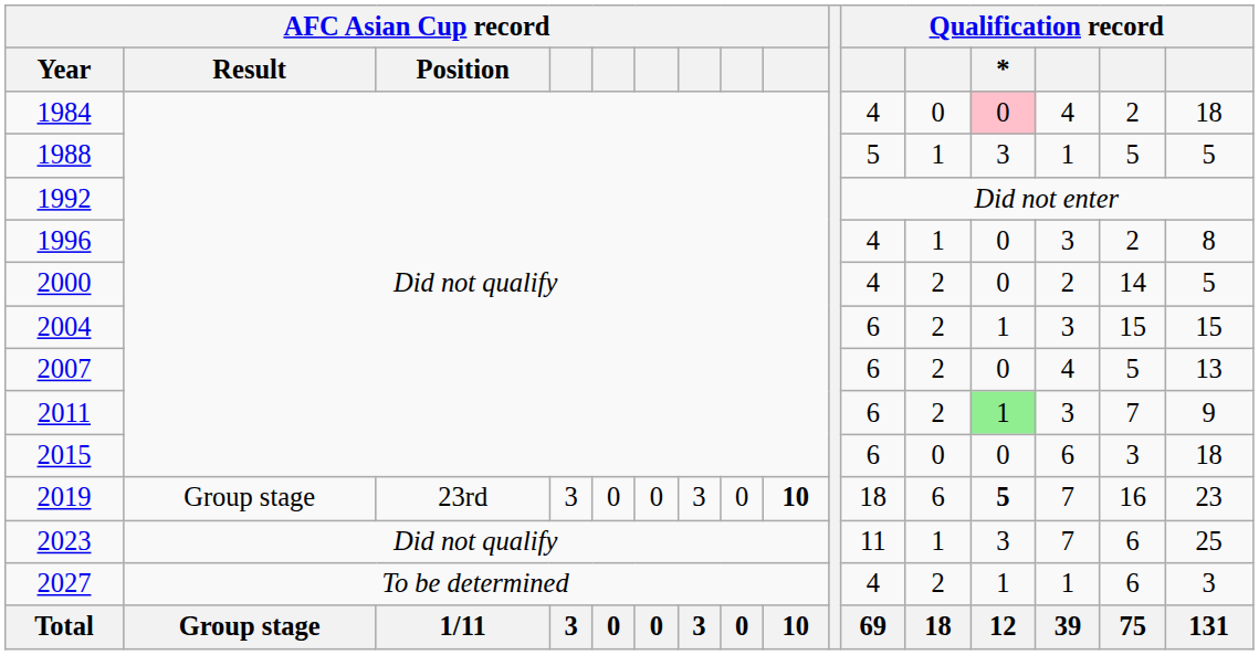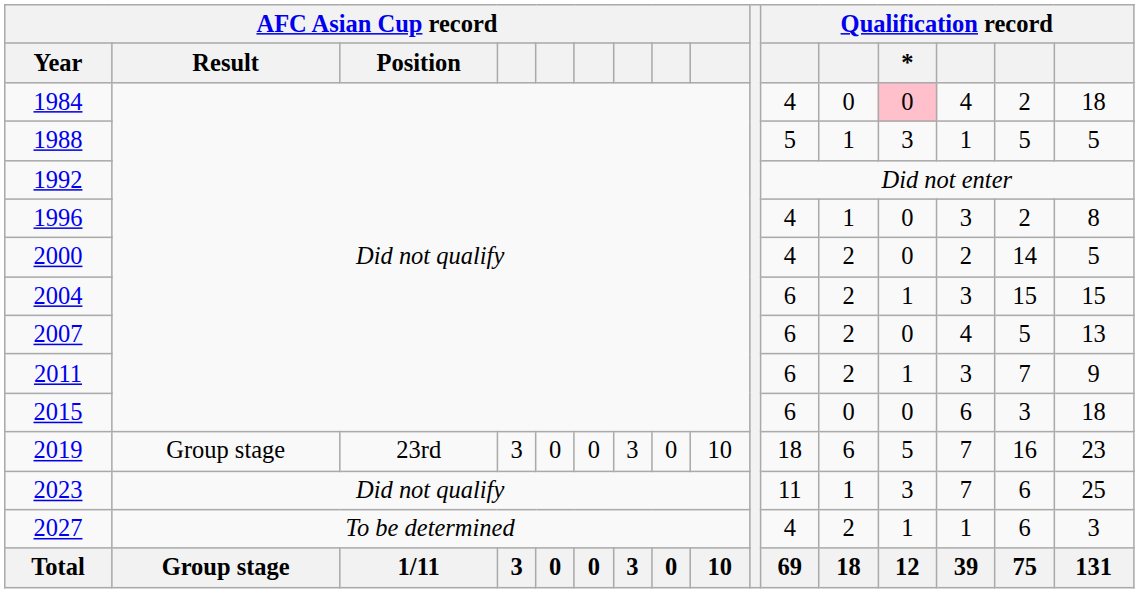 <table class="wikitable" style="text-align: center;">
 <tr>
 <th colspan=9><a href='#'>AFC Asian Cup</a> record</th>
 <th width=1% rowspan=39></th>
 <th colspan=6><a href='#'>Qualification</a> record</th>
 </tr>
 <tr>
 <th>Year</th>
 <th>Result</th>
 <th>Position</th>
 <th></th>
 <th></th>
 <th></th>
 <th></th>
 <th></th>
 <th></th>
 <th></th>
 <th></th>
 <th>*</th>
 <th></th>
 <th></th>
 <th></th>
 </tr>
 <tr>
 <td> <a href='#'>1984</a></td>
 <td rowspan=9 colspan=8><em>Did not qualify</em></td>
 <td>4</td>
 <td>0</td>
 <td style="background: pink;">0</td>
 <td>4</td>
 <td>2</td>
 <td>18</td>
 </tr>
 <tr>
 <td> <a href='#'>1988</a></td>
 <td>5</td>
 <td>1</td>
 <td>3</td>
 <td>1</td>
 <td>5</td>
 <td>5</td>
 </tr>
 <tr>
 <td> <a href='#'>1992</a></td>
 <td colspan=8><em>Did not enter</em></td>
 </tr>
 <tr>
 <td> <a href='#'>1996</a></td>
 <td>4</td>
 <td>1</td>
 <td>0</td>
 <td>3</td>
 <td>2</td>
 <td>8</td>
 </tr>
 <tr>
 <td> <a href='#'>2000</a></td>
 <td>4</td>
 <td>2</td>
 <td>0</td>
 <td>2</td>
 <td>14</td>
 <td>5</td>
 </tr>
 <tr>
 <td> <a href='#'>2004</a></td>
 <td>6</td>
 <td>2</td>
 <td>1</td>
 <td>3</td>
 <td>15</td>
 <td>15</td>
 </tr>
 <tr>
 <td>    <a href='#'>2007</a></td>
 <td>6</td>
 <td>2</td>
 <td>0</td>
 <td>4</td>
 <td>5</td>
 <td>13</td>
 </tr>
 <tr>
 <td> <a href='#'>2011</a></td>
 <td>6</td>
 <td>2</td>
-<td style="background: lightgreen;">1</td>
+<td>1</td>
 <td>3</td>
 <td>7</td>
 <td>9</td>
 </tr>
 <tr>
 <td> <a href='#'>2015</a></td>
 <td>6</td>
 <td>0</td>
 <td>0</td>
 <td>6</td>
 <td>3</td>
 <td>18</td>
 </tr>
 <tr>
 <td> <a href='#'>2019</a></td>
 <td>Group stage</td>
 <td>23rd</td>
 <td>3</td>
 <td>0</td>
 <td>0</td>
 <td>3</td>
 <td>0</td>
-<td><strong>10</strong></td>
+<td>10</td>
 <td>18</td>
 <td>6</td>
-<td><strong>5</strong></td>
+<td>5</td>
 <td>7</td>
 <td>16</td>
 <td>23</td>
 </tr>
 <tr>
 <td> <a href='#'>2023</a></td>
 <td colspan=8><em>Did not qualify</em></td>
 <td>11</td>
 <td>1</td>
 <td>3</td>
 <td>7</td>
 <td>6</td>
 <td>25</td>
 </tr>
 <tr>
 <td> <a href='#'>2027</a></td>
 <td colspan=8><em>To be determined</em></td>
 <td>4</td>
 <td>2</td>
 <td>1</td>
 <td>1</td>
 <td>6</td>
 <td>3</td>
 </tr>
 <tr>
 <th><strong>Total</strong></th>
 <th><strong>Group stage</strong></th>
 <th><strong>1/11</strong></th>
 <th><strong>3</strong></th>
 <th><strong>0</strong></th>
 <th><strong>0</strong></th>
 <th><strong>3</strong></th>
 <th><strong>0</strong></th>
 <th><strong>10</strong></th>
 <th><strong>69</strong></th>
 <th><strong>18</strong></th>
 <th><strong>12</strong></th>
 <th><strong>39</strong></th>
 <th><strong>75</strong></th>
 <th><strong>131</strong></th>
 </tr>
 </table>
